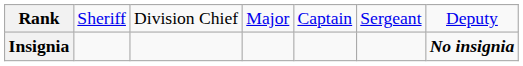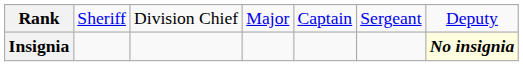 <table class="wikitable">
 <tr style="text-align:center;">
 <th>Rank</th>
 <td><a href='#'>Sheriff</a></td>
 <td>Division Chief</td>
 <td><a href='#'>Major</a></td>
 <td><a href='#'>Captain</a></td>
 <td><a href='#'>Sergeant</a></td>
 <td><a href='#'>Deputy</a></td>
 </tr>
 <tr style="text-align:center;">
 <th>Insignia</th>
 <td></td>
 <td></td>
 <td></td>
 <td></td>
 <td></td>
-<td><strong><em>No insignia</em></strong></td>
+<td style="background: lightyellow;"><strong><em>No insignia</em></strong></td>
 </tr>
 </table>
